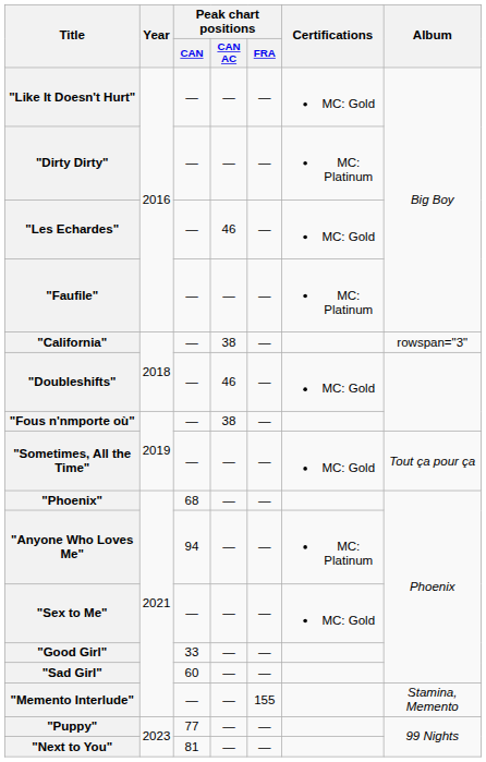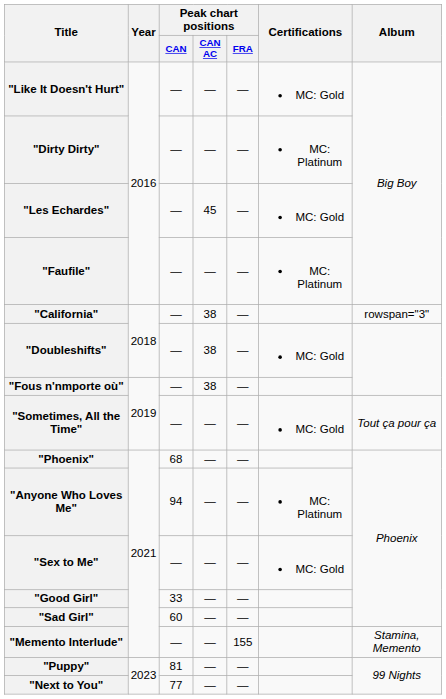 <table class="wikitable plainrowheaders" style="text-align:center;">
 <tr>
 <th scope="col" rowspan="2">Title</th>
 <th scope="col" rowspan="2">Year</th>
 <th scope="col" colspan="3">Peak chart positions</th>
 <th scope="col" rowspan="2">Certifications</th>
 <th scope="col" rowspan="2">Album</th>
 </tr>
 <tr>
 <th scope="col" style="width:3em;font-size:85%;"><a href='#'>CAN</a><br></th>
 <th scope="col" style="width:3em;font-size:85%;"><a href='#'>CAN AC</a><br></th>
 <th scope="col" style="width:2.75em;font-size:85%;"><a href='#'>FRA</a><br></th>
 </tr>
 <tr>
 <th scope="row">"Like It Doesn't Hurt"<br></th>
 <td rowspan="4">2016</td>
 <td>—</td>
 <td>—</td>
 <td>—</td>
 <td><br><ul><li>MC: Gold</li></ul></td>
 <td rowspan="4"><em>Big Boy</em></td>
 </tr>
 <tr>
 <th scope="row">"Dirty Dirty"</th>
 <td>—</td>
 <td>—</td>
 <td>—</td>
 <td><br><ul><li>MC: Platinum</li></ul></td>
 </tr>
 <tr>
 <th scope="row">"Les Echardes"</th>
 <td>—</td>
-<td>46</td>
+<td>45</td>
 <td>—</td>
 <td><br><ul><li>MC: Gold</li></ul></td>
 </tr>
 <tr>
 <th scope="row">"Faufile"</th>
 <td>—</td>
 <td>—</td>
 <td>—</td>
 <td><br><ul><li>MC: Platinum</li></ul></td>
 </tr>
 <tr>
 <th scope="row">"California"</th>
 <td rowspan="2">2018</td>
 <td>—</td>
 <td>38</td>
 <td>—</td>
 <td></td>
 <td>rowspan="3" </td>
 </tr>
 <tr>
 <th scope="row">"Doubleshifts"</th>
 <td>—</td>
-<td>46</td>
+<td>38</td>
 <td>—</td>
 <td><br><ul><li>MC: Gold</li></ul></td>
 </tr>
 <tr>
 <th scope="row">"Fous n'nmporte où"<br></th>
 <td rowspan="2">2019</td>
 <td>—</td>
 <td>38</td>
 <td>—</td>
 <td></td>
 </tr>
 <tr>
 <th scope="row">"Sometimes, All the Time"<br></th>
 <td>—</td>
 <td>—</td>
 <td>—</td>
 <td><br><ul><li>MC: Gold</li></ul></td>
 <td><em>Tout ça pour ça</em></td>
 </tr>
 <tr>
 <th scope="row">"Phoenix"</th>
 <td rowspan="6">2021</td>
 <td>68</td>
 <td>—</td>
 <td>—</td>
 <td></td>
 <td rowspan="5"><em>Phoenix</em></td>
 </tr>
 <tr>
 <th scope="row">"Anyone Who Loves Me"</th>
 <td>94</td>
 <td>—</td>
 <td>—</td>
 <td><br><ul><li>MC: Platinum</li></ul></td>
 </tr>
 <tr>
 <th scope="row">"Sex to Me"</th>
 <td>—</td>
 <td>—</td>
 <td>—</td>
 <td><br><ul><li>MC: Gold</li></ul></td>
 </tr>
 <tr>
 <th scope="row">"Good Girl"</th>
 <td>33</td>
 <td>—</td>
 <td>—</td>
 <td></td>
 </tr>
 <tr>
 <th scope="row">"Sad Girl"</th>
 <td>60</td>
 <td>—</td>
 <td>—</td>
 <td></td>
 </tr>
 <tr>
 <th scope="row">"Memento Interlude"<br></th>
 <td>—</td>
 <td>—</td>
 <td>155</td>
 <td></td>
 <td><em>Stamina, Memento</em></td>
 </tr>
 <tr>
 <th scope="row">"Puppy"</th>
 <td rowspan="2">2023</td>
-<td>77</td>
+<td>81</td>
 <td>—</td>
 <td>—</td>
 <td></td>
 <td rowspan="2"><em>99 Nights</em></td>
 </tr>
 <tr>
 <th scope="row">"Next to You"</th>
-<td>81</td>
+<td>77</td>
 <td>—</td>
 <td>—</td>
 <td></td>
 </tr>
 </table>
